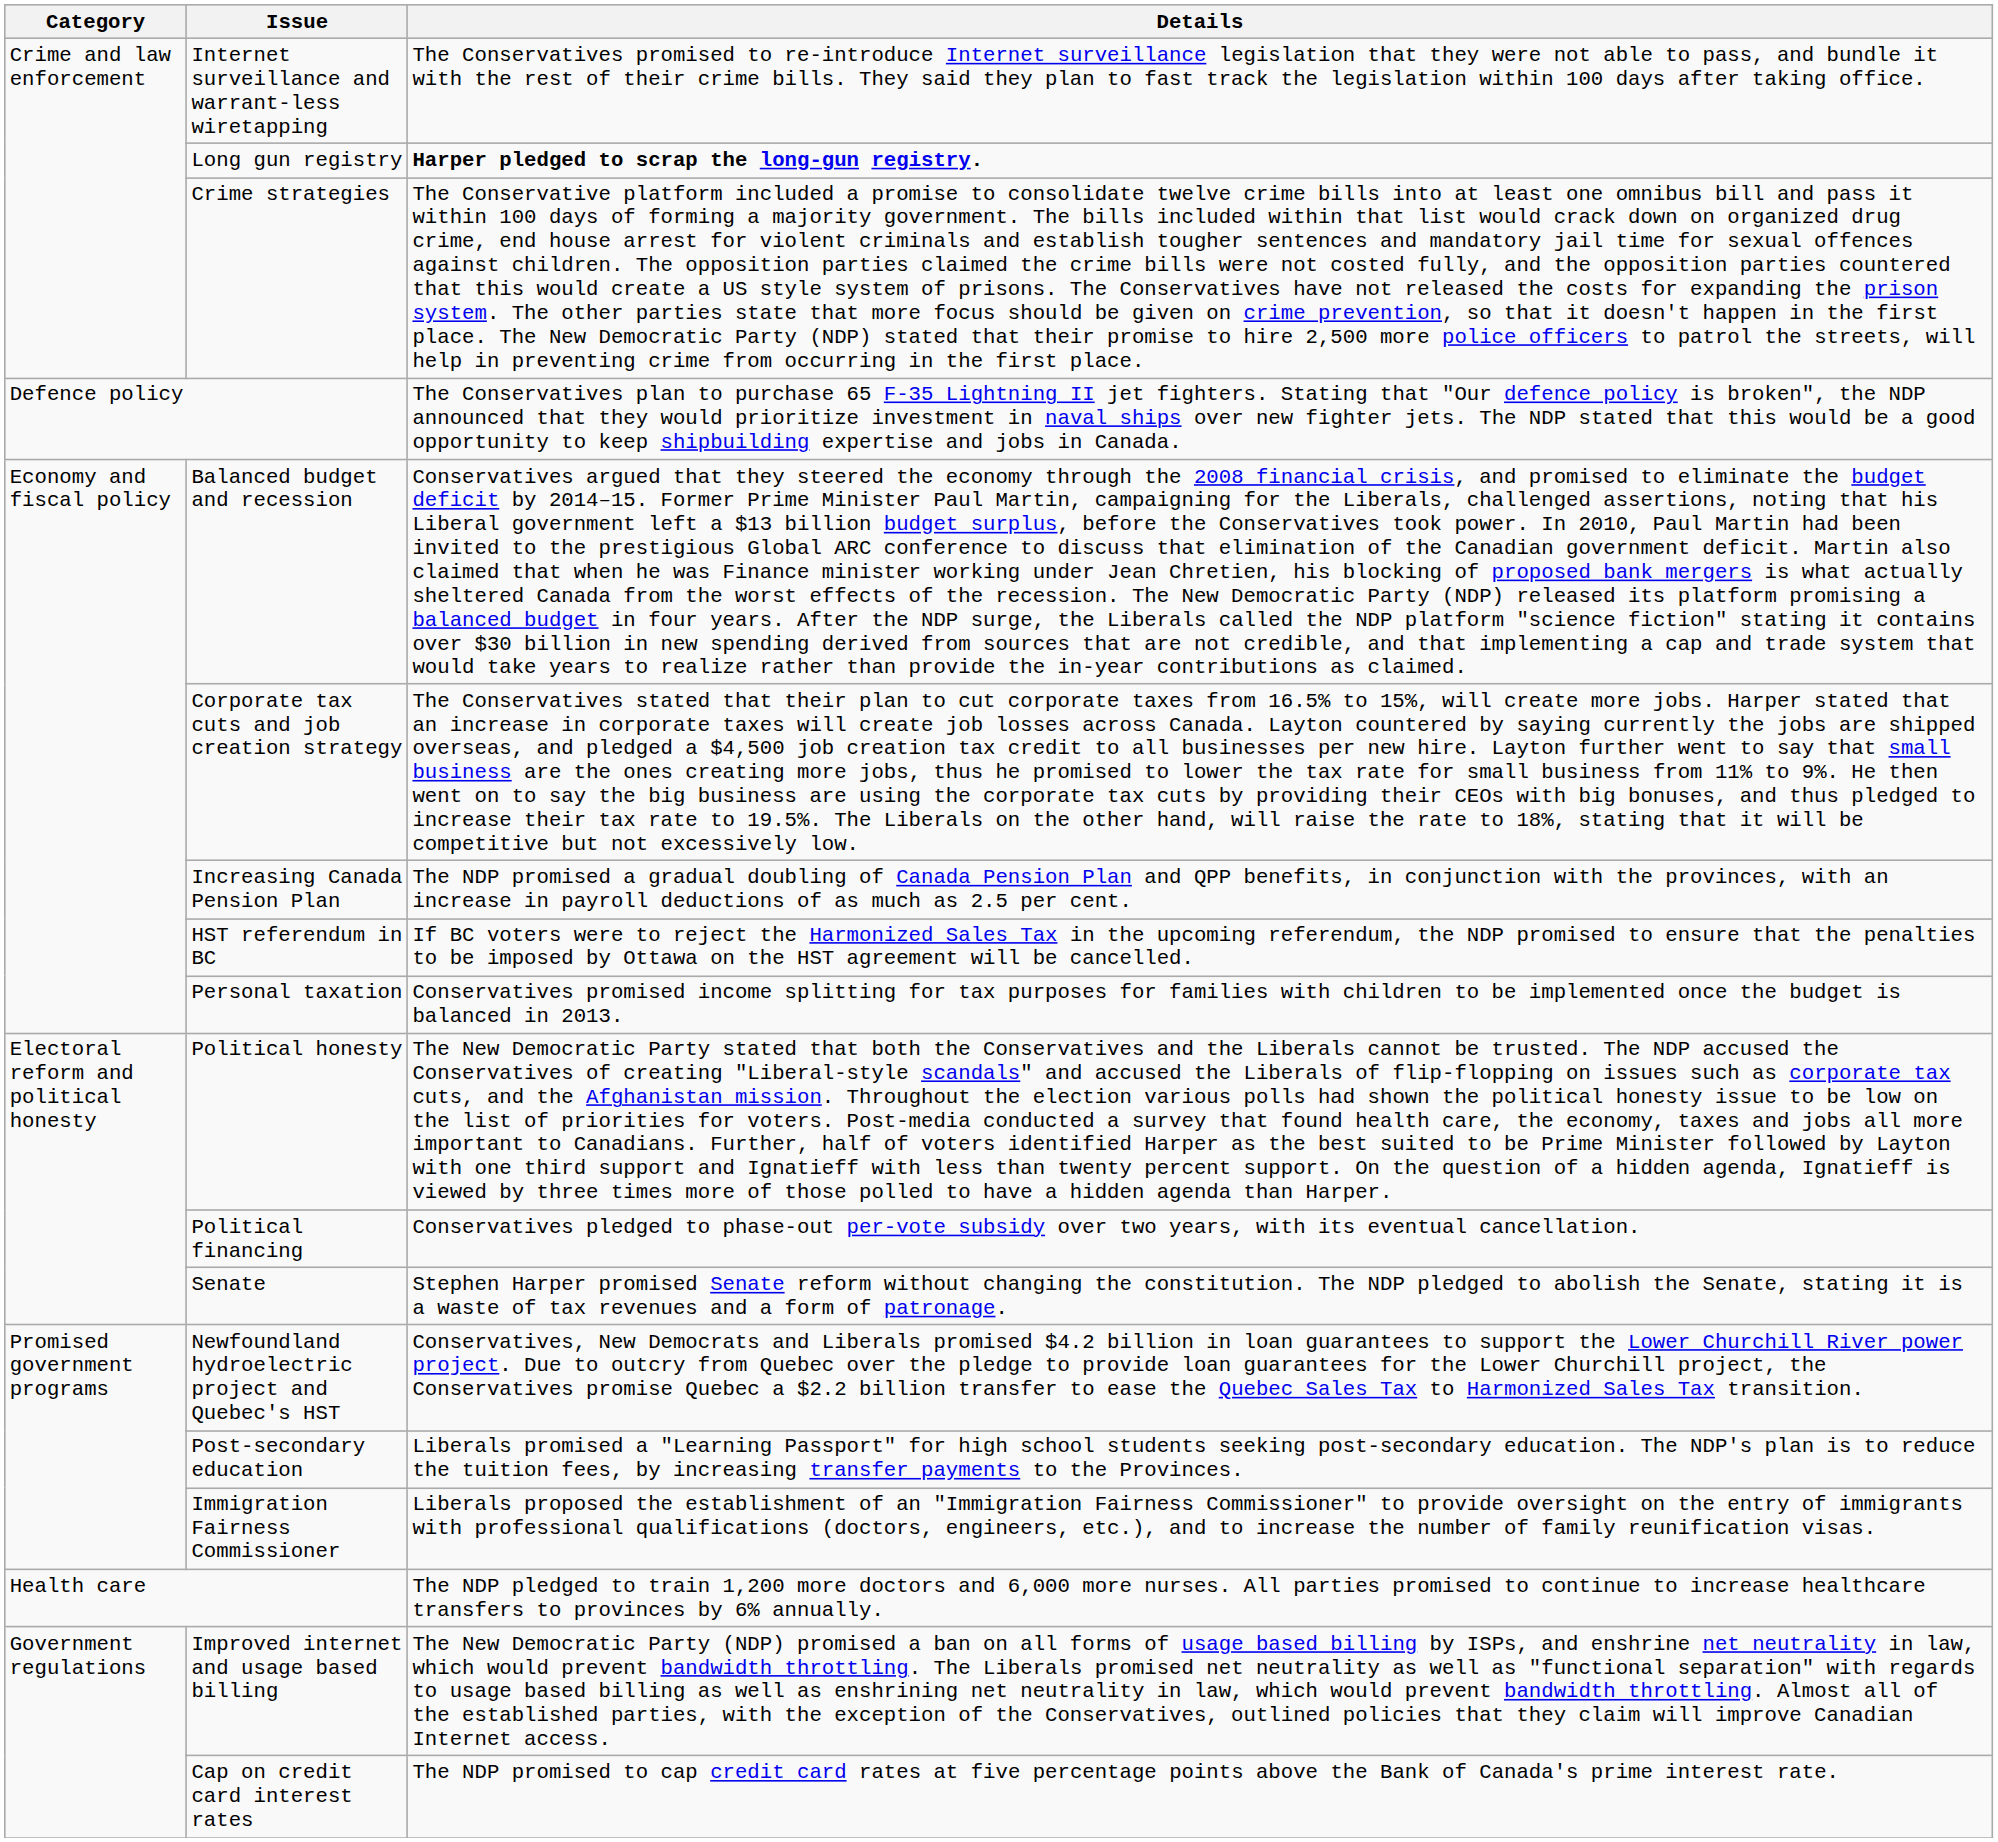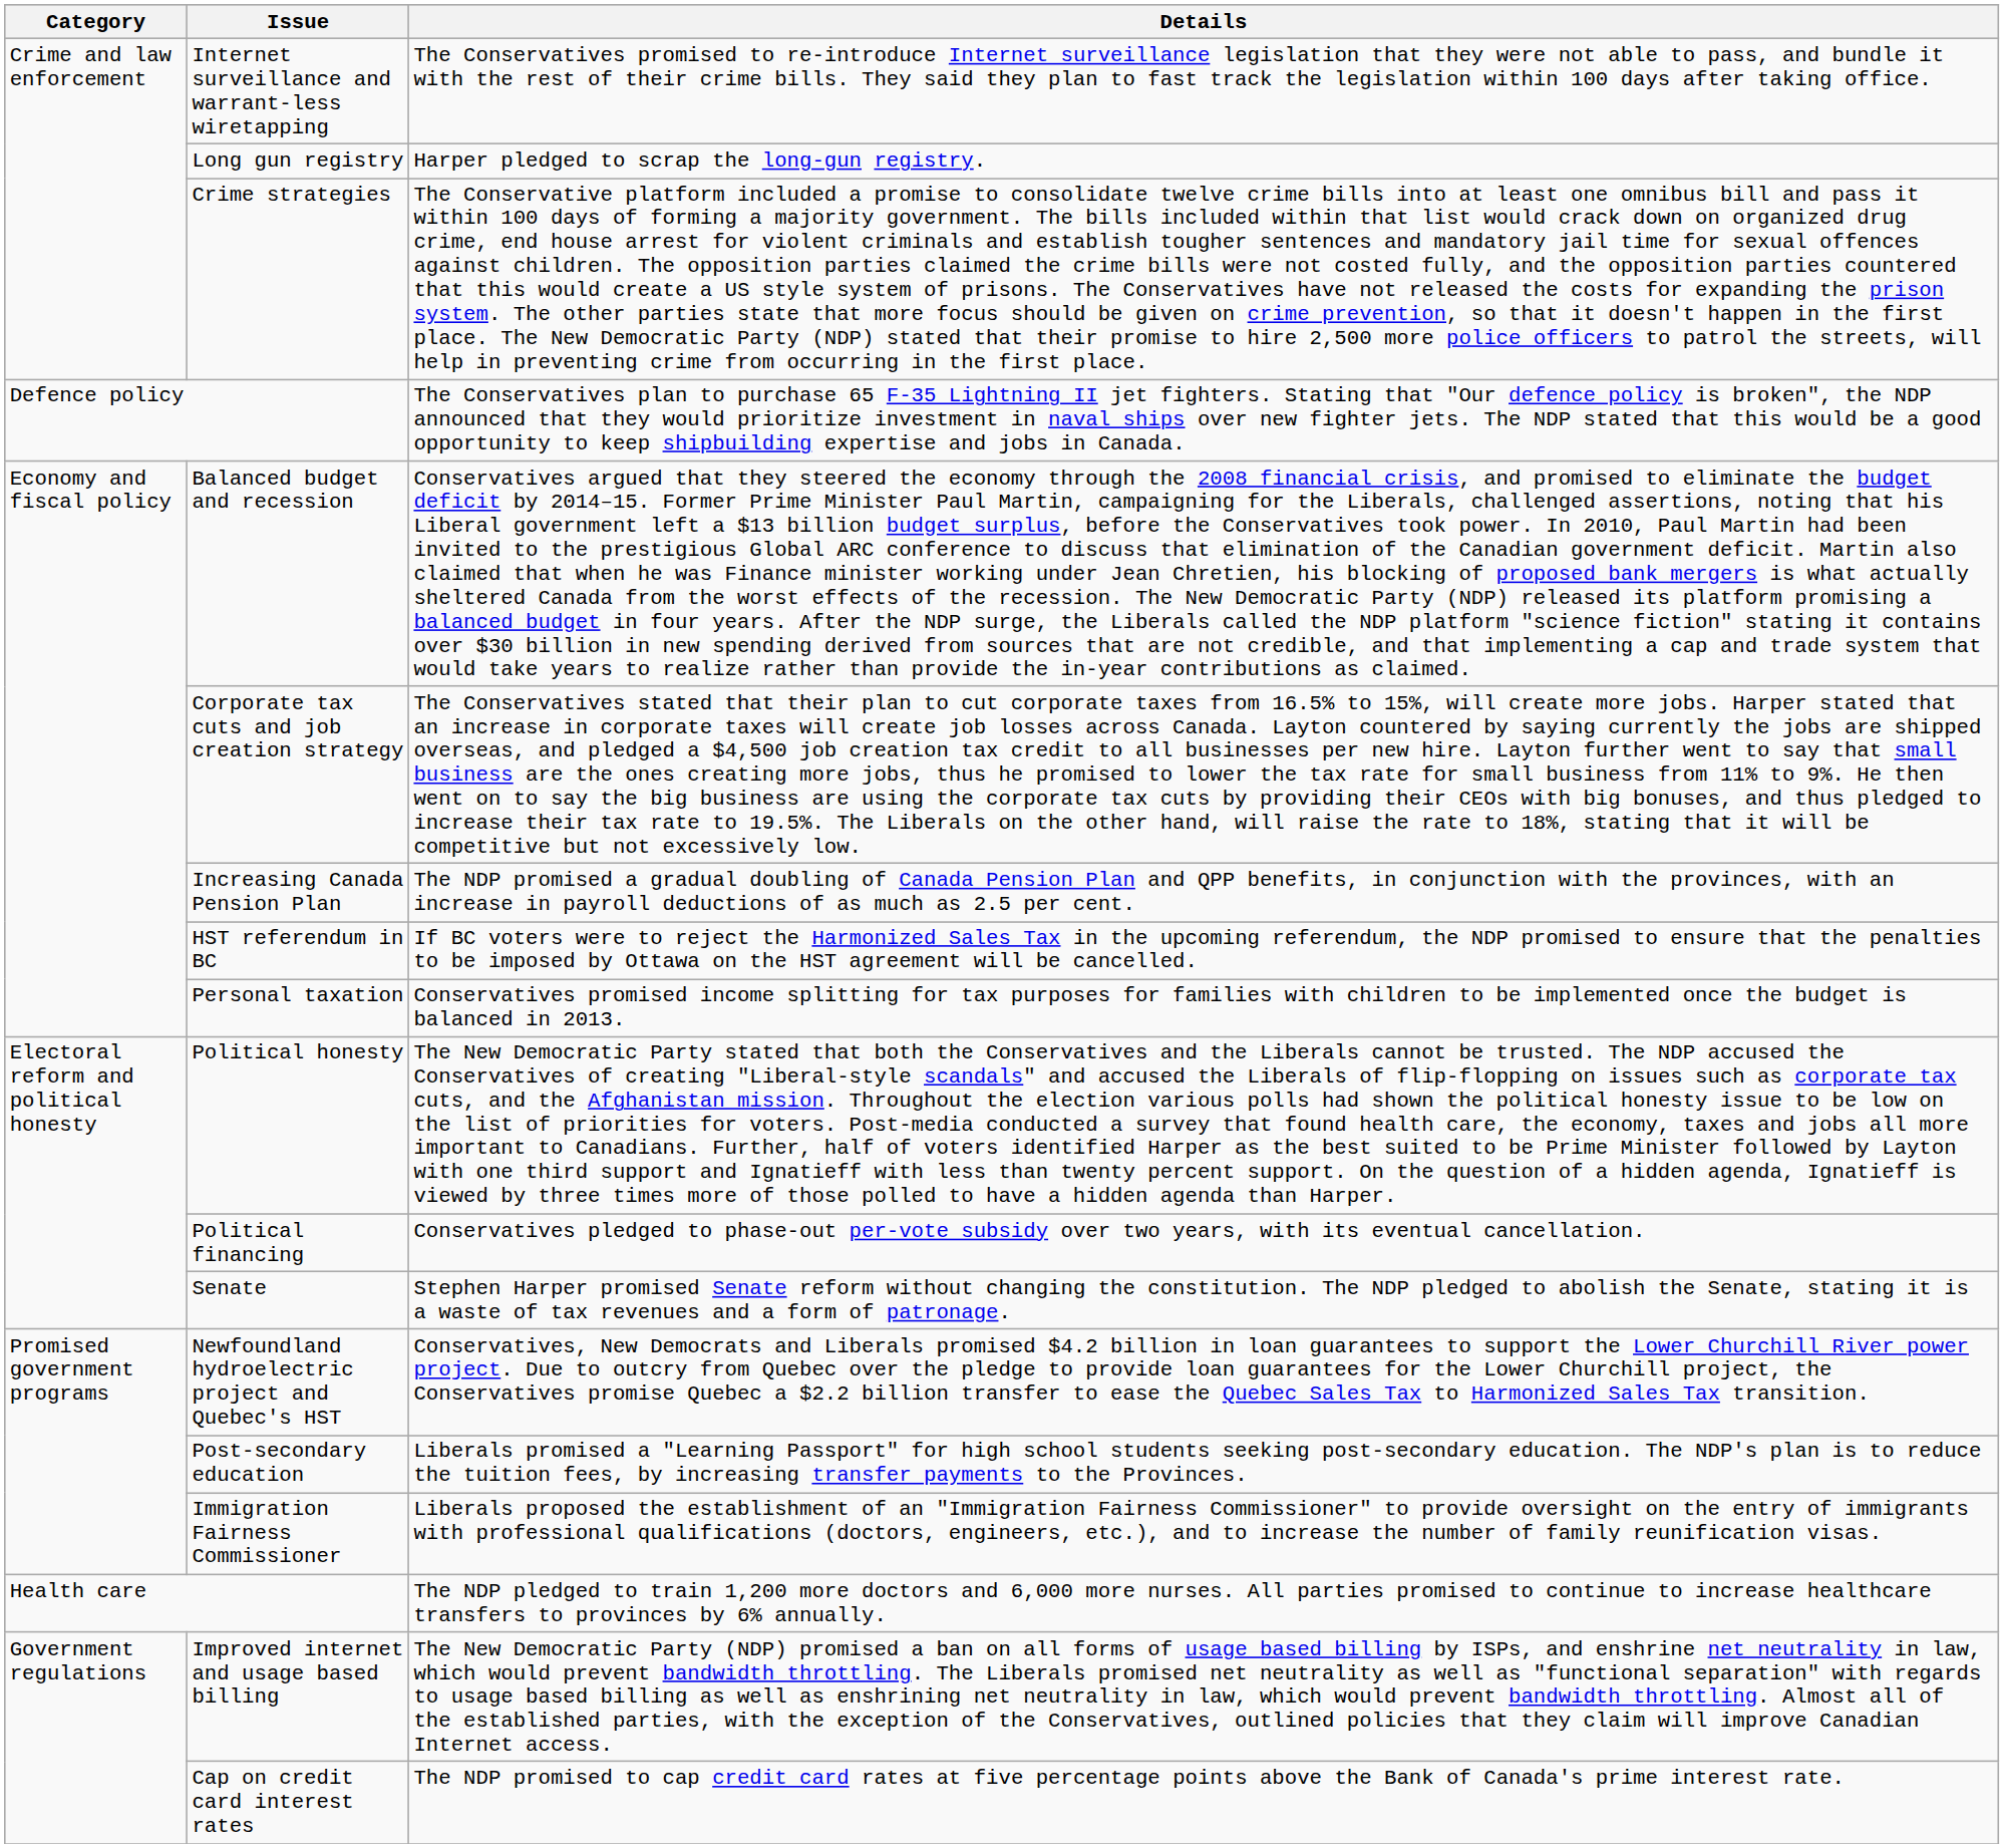 <table class="wikitable">
 <tr>
 <th>Category</th>
 <th>Issue</th>
 <th>Details</th>
 </tr>
 <tr valign="top">
 <td rowspan = "3">Crime and law enforcement</td>
 <td>Internet surveillance and warrant-less wiretapping</td>
 <td>The Conservatives promised to re-introduce <a href='#'>Internet surveillance</a> legislation that they were not able to pass, and bundle it with the rest of their crime bills. They said they plan to fast track the legislation within 100 days after taking office.</td>
 </tr>
 <tr valign="top">
 <td>Long gun registry</td>
-<td><strong>Harper pledged to scrap the <a href='#'>long-gun</a> <a href='#'>registry</a>.</strong></td>
+<td>Harper pledged to scrap the <a href='#'>long-gun</a> <a href='#'>registry</a>.</td>
 </tr>
 <tr valign="top">
 <td>Crime strategies</td>
 <td>The Conservative platform included a promise to consolidate twelve crime bills into at least one omnibus bill and pass it within 100 days of forming a majority government. The bills included within that list would crack down on organized drug crime, end house arrest for violent criminals and establish tougher sentences and mandatory jail time for sexual offences against children. The opposition parties claimed the crime bills were not costed fully, and the opposition parties countered that this would create a US style system of prisons. The Conservatives have not released the costs for expanding the <a href='#'>prison system</a>. The other parties state that more focus should be given on <a href='#'>crime prevention</a>, so that it doesn't happen in the first place. The New Democratic Party (NDP) stated that their promise to hire 2,500 more <a href='#'>police officers</a> to patrol the streets, will help in preventing crime from occurring in the first place.</td>
 </tr>
 <tr valign="top">
 <td colspan ="2">Defence policy</td>
 <td>The Conservatives plan to purchase 65 <a href='#'>F-35 Lightning II</a> jet fighters. Stating that "Our <a href='#'>defence policy</a> is broken", the NDP announced that they would prioritize investment in <a href='#'>naval ships</a> over new fighter jets. The NDP stated that this would be a good opportunity to keep <a href='#'>shipbuilding</a> expertise and jobs in Canada.</td>
 </tr>
 <tr valign="top">
 <td rowspan = "5">Economy and fiscal policy</td>
 <td>Balanced budget and recession</td>
 <td>Conservatives argued that they steered the economy through the <a href='#'>2008 financial crisis</a>, and promised to eliminate the <a href='#'>budget deficit</a> by 2014–15. Former Prime Minister Paul Martin, campaigning for the Liberals, challenged assertions, noting  that his Liberal government left a $13 billion <a href='#'>budget surplus</a>, before the Conservatives took power.  In 2010, Paul Martin had been invited to the prestigious Global ARC conference to discuss that elimination of the Canadian government deficit. Martin also claimed that when he was Finance minister working under Jean Chretien, his blocking of <a href='#'>proposed bank mergers</a> is what actually sheltered Canada from the worst effects of the recession. The New Democratic Party (NDP) released its platform promising a <a href='#'>balanced budget</a> in four years. After the NDP surge, the Liberals called the NDP platform "science fiction" stating it contains over $30 billion in new spending derived from sources that are not credible, and that implementing a cap and trade system that would take years to realize rather than provide the in-year contributions as claimed.</td>
 </tr>
 <tr valign="top">
 <td>Corporate tax cuts and job creation strategy</td>
 <td>The Conservatives stated that their plan to cut corporate taxes from 16.5% to 15%, will create more jobs. Harper stated that an increase in corporate taxes will create job losses across Canada. Layton countered by saying currently the jobs are shipped overseas, and pledged a $4,500 job creation tax credit to all businesses per new hire. Layton further went to say that <a href='#'>small business</a> are the ones creating more jobs, thus he promised to lower the tax rate for small business from 11% to 9%. He then went on to say the big business are using the corporate tax cuts by providing their CEOs with big bonuses, and thus pledged to increase their tax rate to 19.5%. The Liberals on the other hand, will raise the rate to 18%, stating that it will be competitive but not excessively low.</td>
 </tr>
 <tr valign="top">
 <td>Increasing Canada Pension Plan</td>
 <td>The NDP promised a gradual doubling of <a href='#'>Canada Pension Plan</a> and QPP benefits, in conjunction with the provinces, with an increase in payroll deductions of as much as 2.5 per cent.</td>
 </tr>
 <tr valign="top">
 <td>HST referendum in BC</td>
 <td>If BC voters were to reject the <a href='#'>Harmonized Sales Tax</a> in the upcoming referendum, the NDP promised to ensure that the penalties to be imposed by Ottawa on the HST agreement will be cancelled.</td>
 </tr>
 <tr valign="top">
 <td>Personal taxation</td>
 <td>Conservatives promised income splitting for tax purposes for families with children to be implemented once the budget is balanced in 2013.</td>
 </tr>
 <tr valign="top">
 <td rowspan = "3">Electoral reform and political honesty</td>
 <td>Political honesty</td>
 <td>The New Democratic Party stated that both the Conservatives and the Liberals cannot be trusted. The NDP accused the Conservatives of creating "Liberal-style <a href='#'>scandals</a>" and accused the Liberals of flip-flopping on issues such as <a href='#'>corporate tax</a> cuts, and the <a href='#'>Afghanistan mission</a>. Throughout the election various polls had shown the political honesty issue to be low on the list of priorities for voters. Post-media conducted a survey that found health care, the economy, taxes and jobs all more important to Canadians. Further, half of voters identified Harper as the best suited to be Prime Minister followed by Layton with one third support and Ignatieff with less than twenty percent support. On the question of a hidden agenda, Ignatieff is viewed by three times more of those polled to have a hidden agenda than Harper.</td>
 </tr>
 <tr valign="top">
 <td>Political financing</td>
 <td>Conservatives pledged to phase-out <a href='#'>per-vote subsidy</a> over two years, with its eventual cancellation.</td>
 </tr>
 <tr valign="top">
 <td>Senate</td>
 <td>Stephen Harper promised <a href='#'>Senate</a> reform without changing the constitution. The NDP pledged to abolish the Senate, stating it is a waste of tax revenues and a form of <a href='#'>patronage</a>.</td>
 </tr>
 <tr valign="top">
 <td rowspan = "3">Promised government programs</td>
 <td>Newfoundland hydroelectric project and Quebec's HST</td>
 <td>Conservatives, New Democrats and Liberals promised $4.2 billion in loan guarantees to support the <a href='#'>Lower Churchill River power project</a>. Due to outcry from Quebec over the pledge to provide loan guarantees for the Lower Churchill project, the Conservatives promise Quebec a $2.2 billion transfer to ease the <a href='#'>Quebec Sales Tax</a> to <a href='#'>Harmonized Sales Tax</a> transition.</td>
 </tr>
 <tr valign="top">
 <td>Post-secondary education</td>
 <td>Liberals promised a "Learning Passport" for high school students seeking post-secondary education. The NDP's plan is to reduce the tuition fees, by increasing <a href='#'>transfer payments</a> to the Provinces.</td>
 </tr>
 <tr valign="top">
 <td>Immigration Fairness Commissioner</td>
 <td>Liberals proposed the establishment of an "Immigration Fairness Commissioner" to provide oversight on the entry of immigrants with professional qualifications (doctors, engineers, etc.), and to increase the number of family reunification visas.</td>
 </tr>
 <tr valign="top">
 <td colspan = "2">Health care</td>
 <td>The NDP pledged to train 1,200 more doctors and 6,000 more nurses. All parties promised to continue to increase healthcare transfers to provinces by 6% annually.</td>
 </tr>
 <tr valign="top">
 <td rowspan = "2">Government regulations</td>
 <td>Improved internet and usage based billing</td>
 <td>The New Democratic Party (NDP) promised a ban on all forms of <a href='#'>usage based billing</a> by ISPs, and enshrine <a href='#'>net neutrality</a> in law, which would prevent <a href='#'>bandwidth throttling</a>. The Liberals promised net neutrality as well as "functional separation" with regards to usage based billing as well as enshrining net neutrality in law, which would prevent <a href='#'>bandwidth throttling</a>. Almost all of the established parties, with the exception of the Conservatives, outlined policies that they claim will improve Canadian Internet access.</td>
 </tr>
 <tr valign="top">
 <td>Cap on credit card interest rates</td>
 <td>The NDP promised to cap <a href='#'>credit card</a> rates at five percentage points above the Bank of Canada's prime interest rate.</td>
 </tr>
 </table>
